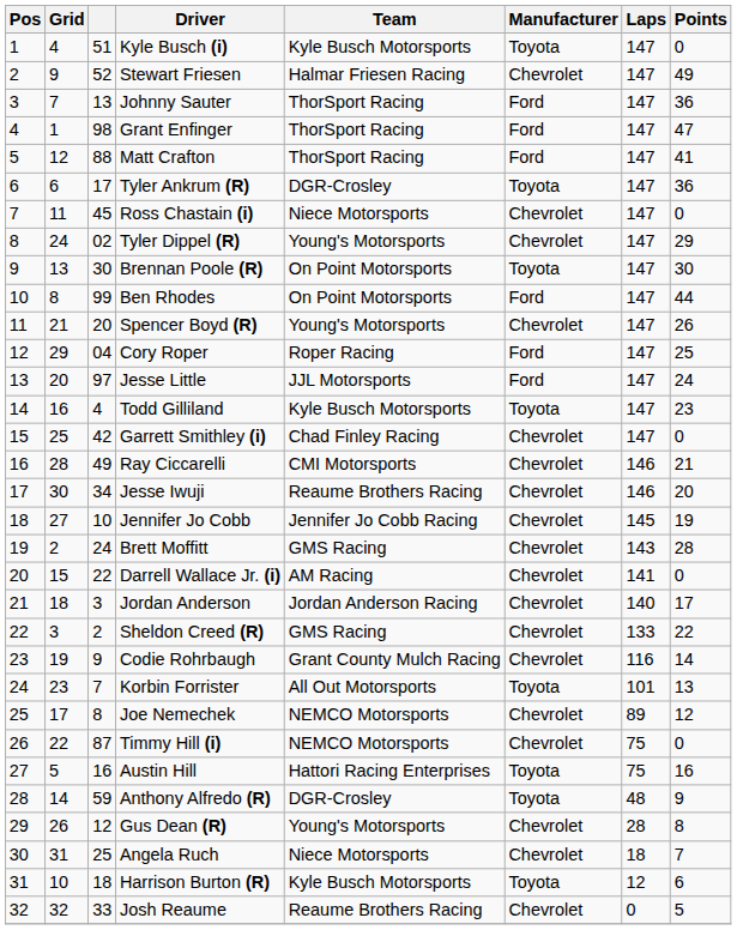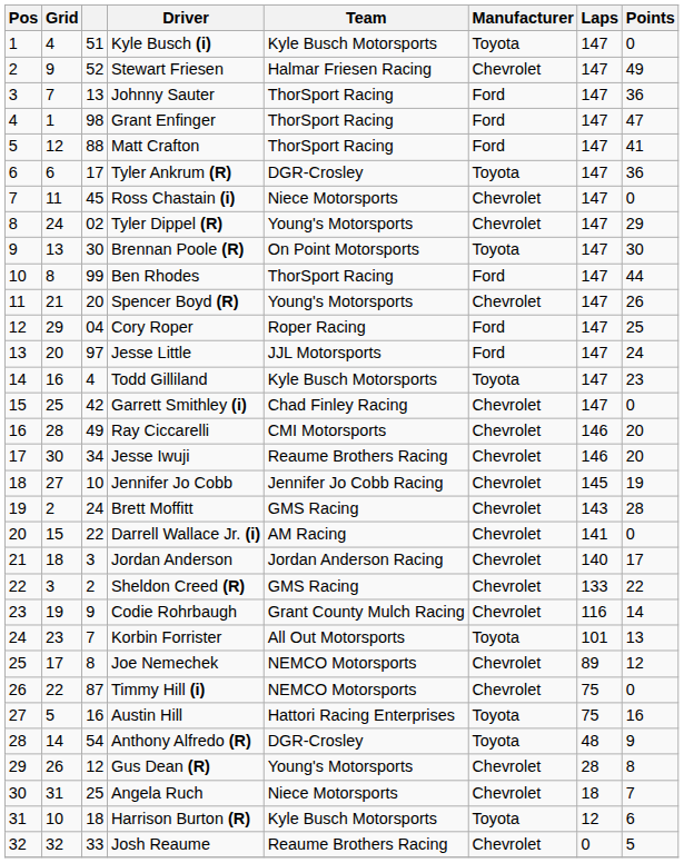 <table class="wikitable" style="font-size:98%">
 <tr>
 <th>Pos</th>
 <th>Grid</th>
 <th></th>
 <th>Driver</th>
 <th>Team</th>
 <th>Manufacturer</th>
 <th>Laps</th>
 <th>Points</th>
 </tr>
 <tr>
 <td>1</td>
 <td>4</td>
 <td>51</td>
 <td>Kyle Busch <strong>(i)</strong></td>
 <td>Kyle Busch Motorsports</td>
 <td>Toyota</td>
 <td>147</td>
 <td>0</td>
 </tr>
 <tr>
 <td>2</td>
 <td>9</td>
 <td>52</td>
 <td>Stewart Friesen</td>
 <td>Halmar Friesen Racing</td>
 <td>Chevrolet</td>
 <td>147</td>
 <td>49</td>
 </tr>
 <tr>
 <td>3</td>
 <td>7</td>
 <td>13</td>
 <td>Johnny Sauter</td>
 <td>ThorSport Racing</td>
 <td>Ford</td>
 <td>147</td>
 <td>36</td>
 </tr>
 <tr>
 <td>4</td>
 <td>1</td>
 <td>98</td>
 <td>Grant Enfinger</td>
 <td>ThorSport Racing</td>
 <td>Ford</td>
 <td>147</td>
 <td>47</td>
 </tr>
 <tr>
 <td>5</td>
 <td>12</td>
 <td>88</td>
 <td>Matt Crafton</td>
 <td>ThorSport Racing</td>
 <td>Ford</td>
 <td>147</td>
 <td>41</td>
 </tr>
 <tr>
 <td>6</td>
 <td>6</td>
 <td>17</td>
 <td>Tyler Ankrum <strong>(R)</strong></td>
 <td>DGR-Crosley</td>
 <td>Toyota</td>
 <td>147</td>
 <td>36</td>
 </tr>
 <tr>
 <td>7</td>
 <td>11</td>
 <td>45</td>
 <td>Ross Chastain <strong>(i)</strong></td>
 <td>Niece Motorsports</td>
 <td>Chevrolet</td>
 <td>147</td>
 <td>0</td>
 </tr>
 <tr>
 <td>8</td>
 <td>24</td>
 <td>02</td>
 <td>Tyler Dippel <strong>(R)</strong></td>
 <td>Young's Motorsports</td>
 <td>Chevrolet</td>
 <td>147</td>
 <td>29</td>
 </tr>
 <tr>
 <td>9</td>
 <td>13</td>
 <td>30</td>
 <td>Brennan Poole <strong>(R)</strong></td>
 <td>On Point Motorsports</td>
 <td>Toyota</td>
 <td>147</td>
 <td>30</td>
 </tr>
 <tr>
 <td>10</td>
 <td>8</td>
 <td>99</td>
 <td>Ben Rhodes</td>
-<td>On Point Motorsports</td>
+<td>ThorSport Racing</td>
 <td>Ford</td>
 <td>147</td>
 <td>44</td>
 </tr>
 <tr>
 <td>11</td>
 <td>21</td>
 <td>20</td>
 <td>Spencer Boyd <strong>(R)</strong></td>
 <td>Young's Motorsports</td>
 <td>Chevrolet</td>
 <td>147</td>
 <td>26</td>
 </tr>
 <tr>
 <td>12</td>
 <td>29</td>
 <td>04</td>
 <td>Cory Roper</td>
 <td>Roper Racing</td>
 <td>Ford</td>
 <td>147</td>
 <td>25</td>
 </tr>
 <tr>
 <td>13</td>
 <td>20</td>
 <td>97</td>
 <td>Jesse Little</td>
 <td>JJL Motorsports</td>
 <td>Ford</td>
 <td>147</td>
 <td>24</td>
 </tr>
 <tr>
 <td>14</td>
 <td>16</td>
 <td>4</td>
 <td>Todd Gilliland</td>
 <td>Kyle Busch Motorsports</td>
 <td>Toyota</td>
 <td>147</td>
 <td>23</td>
 </tr>
 <tr>
 <td>15</td>
 <td>25</td>
 <td>42</td>
 <td>Garrett Smithley <strong>(i)</strong></td>
 <td>Chad Finley Racing</td>
 <td>Chevrolet</td>
 <td>147</td>
 <td>0</td>
 </tr>
 <tr>
 <td>16</td>
 <td>28</td>
 <td>49</td>
 <td>Ray Ciccarelli</td>
 <td>CMI Motorsports</td>
 <td>Chevrolet</td>
 <td>146</td>
-<td>21</td>
+<td>20</td>
 </tr>
 <tr>
 <td>17</td>
 <td>30</td>
 <td>34</td>
 <td>Jesse Iwuji</td>
 <td>Reaume Brothers Racing</td>
 <td>Chevrolet</td>
 <td>146</td>
 <td>20</td>
 </tr>
 <tr>
 <td>18</td>
 <td>27</td>
 <td>10</td>
 <td>Jennifer Jo Cobb</td>
 <td>Jennifer Jo Cobb Racing</td>
 <td>Chevrolet</td>
 <td>145</td>
 <td>19</td>
 </tr>
 <tr>
 <td>19</td>
 <td>2</td>
 <td>24</td>
 <td>Brett Moffitt</td>
 <td>GMS Racing</td>
 <td>Chevrolet</td>
 <td>143</td>
 <td>28</td>
 </tr>
 <tr>
 <td>20</td>
 <td>15</td>
 <td>22</td>
 <td>Darrell Wallace Jr. <strong>(i)</strong></td>
 <td>AM Racing</td>
 <td>Chevrolet</td>
 <td>141</td>
 <td>0</td>
 </tr>
 <tr>
 <td>21</td>
 <td>18</td>
 <td>3</td>
 <td>Jordan Anderson</td>
 <td>Jordan Anderson Racing</td>
 <td>Chevrolet</td>
 <td>140</td>
 <td>17</td>
 </tr>
 <tr>
 <td>22</td>
 <td>3</td>
 <td>2</td>
 <td>Sheldon Creed <strong>(R)</strong></td>
 <td>GMS Racing</td>
 <td>Chevrolet</td>
 <td>133</td>
 <td>22</td>
 </tr>
 <tr>
 <td>23</td>
 <td>19</td>
 <td>9</td>
 <td>Codie Rohrbaugh</td>
 <td>Grant County Mulch Racing</td>
 <td>Chevrolet</td>
 <td>116</td>
 <td>14</td>
 </tr>
 <tr>
 <td>24</td>
 <td>23</td>
 <td>7</td>
 <td>Korbin Forrister</td>
 <td>All Out Motorsports</td>
 <td>Toyota</td>
 <td>101</td>
 <td>13</td>
 </tr>
 <tr>
 <td>25</td>
 <td>17</td>
 <td>8</td>
 <td>Joe Nemechek</td>
 <td>NEMCO Motorsports</td>
 <td>Chevrolet</td>
 <td>89</td>
 <td>12</td>
 </tr>
 <tr>
 <td>26</td>
 <td>22</td>
 <td>87</td>
 <td>Timmy Hill <strong>(i)</strong></td>
 <td>NEMCO Motorsports</td>
 <td>Chevrolet</td>
 <td>75</td>
 <td>0</td>
 </tr>
 <tr>
 <td>27</td>
 <td>5</td>
 <td>16</td>
 <td>Austin Hill</td>
 <td>Hattori Racing Enterprises</td>
 <td>Toyota</td>
 <td>75</td>
 <td>16</td>
 </tr>
 <tr>
 <td>28</td>
 <td>14</td>
-<td>59</td>
+<td>54</td>
 <td>Anthony Alfredo <strong>(R)</strong></td>
 <td>DGR-Crosley</td>
 <td>Toyota</td>
 <td>48</td>
 <td>9</td>
 </tr>
 <tr>
 <td>29</td>
 <td>26</td>
 <td>12</td>
 <td>Gus Dean <strong>(R)</strong></td>
 <td>Young's Motorsports</td>
 <td>Chevrolet</td>
 <td>28</td>
 <td>8</td>
 </tr>
 <tr>
 <td>30</td>
 <td>31</td>
 <td>25</td>
 <td>Angela Ruch</td>
 <td>Niece Motorsports</td>
 <td>Chevrolet</td>
 <td>18</td>
 <td>7</td>
 </tr>
 <tr>
 <td>31</td>
 <td>10</td>
 <td>18</td>
 <td>Harrison Burton <strong>(R)</strong></td>
 <td>Kyle Busch Motorsports</td>
 <td>Toyota</td>
 <td>12</td>
 <td>6</td>
 </tr>
 <tr>
 <td>32</td>
 <td>32</td>
 <td>33</td>
 <td>Josh Reaume</td>
 <td>Reaume Brothers Racing</td>
 <td>Chevrolet</td>
 <td>0</td>
 <td>5</td>
 </tr>
 <tr>
 </tr>
 </table>
